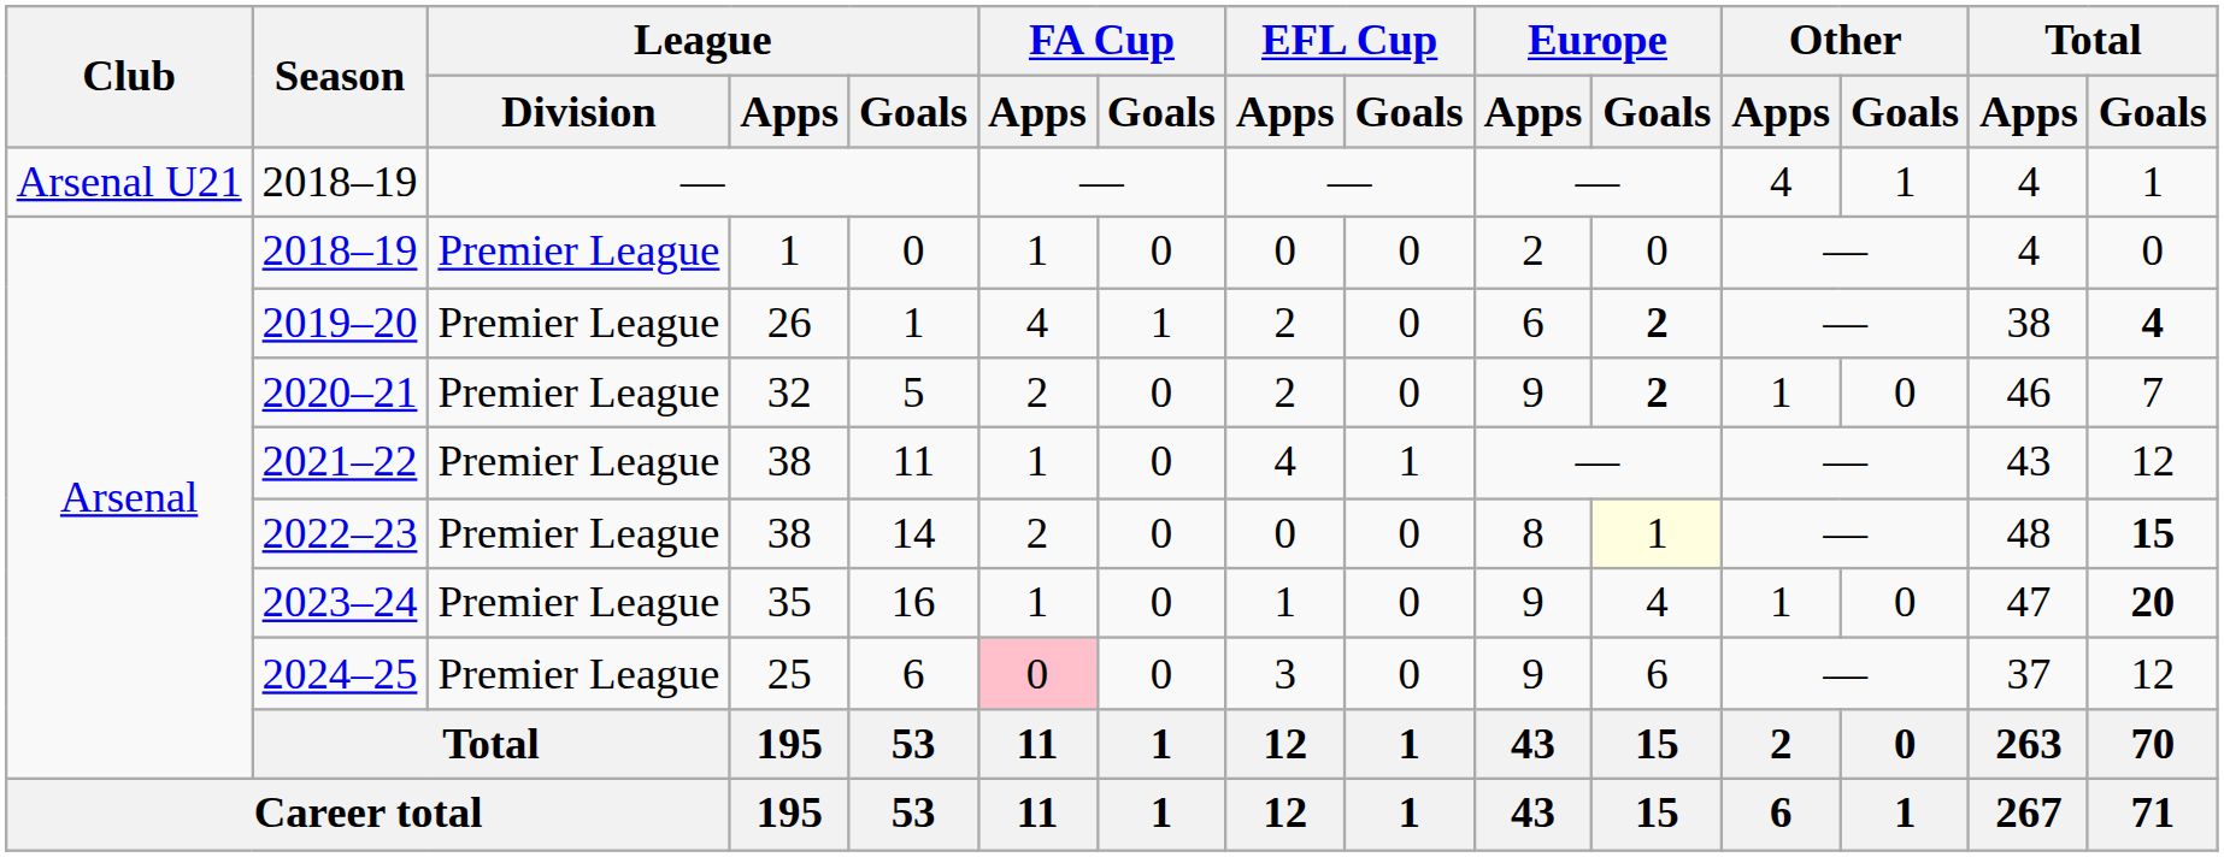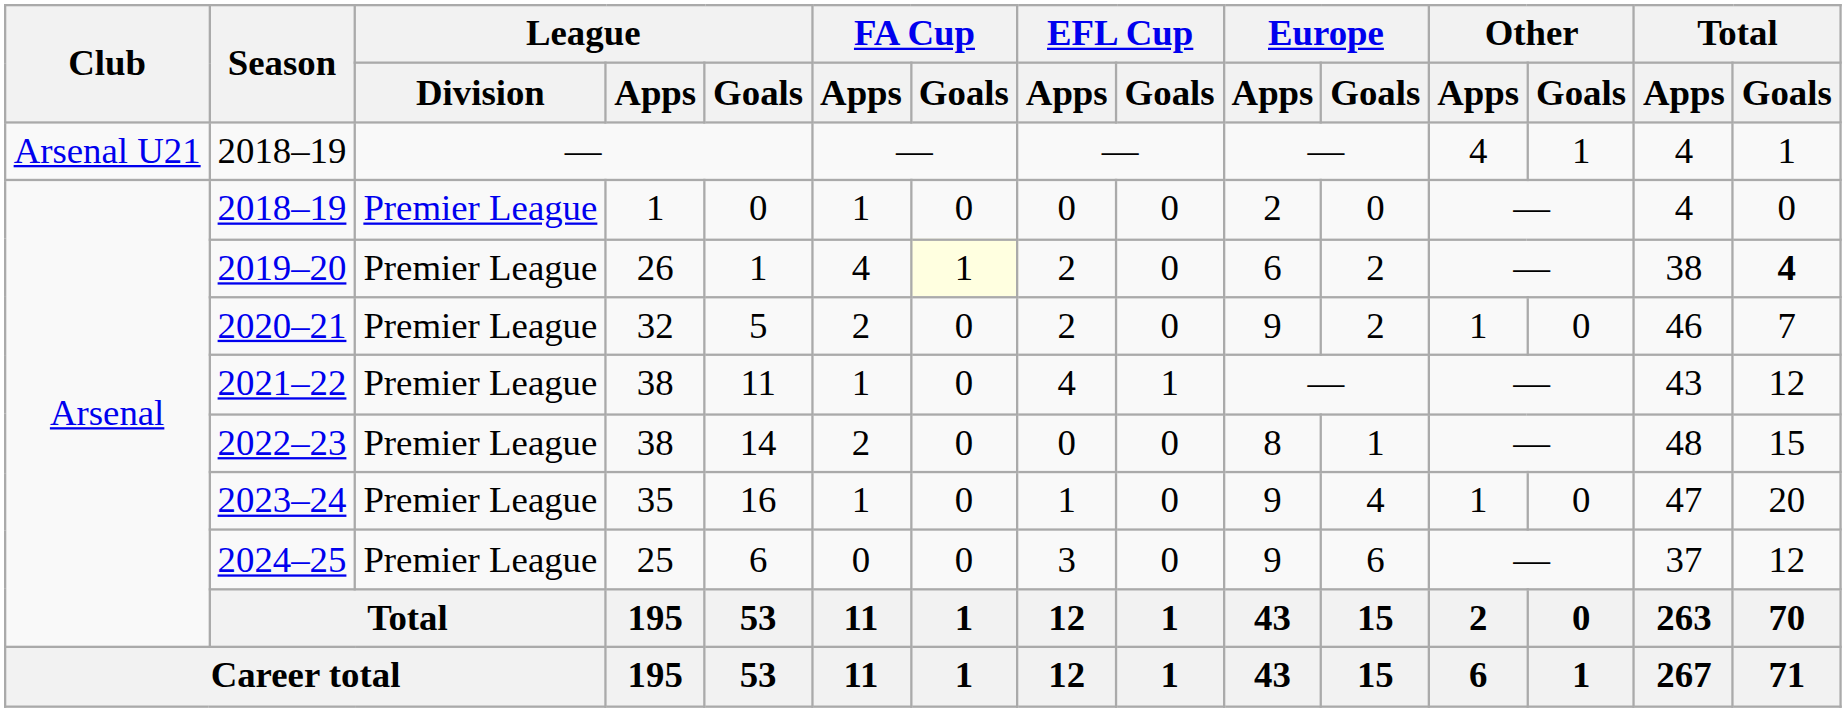 <table class="wikitable" style="text-align: center;">
 <tr>
 <th rowspan="2">Club</th>
 <th rowspan="2">Season</th>
 <th colspan="3">League</th>
 <th colspan="2"><a href='#'>FA Cup</a></th>
 <th colspan="2"><a href='#'>EFL Cup</a></th>
 <th colspan="2"><a href='#'>Europe</a></th>
 <th colspan="2">Other</th>
 <th colspan="2">Total</th>
 </tr>
 <tr>
 <th>Division</th>
 <th>Apps</th>
 <th>Goals</th>
 <th>Apps</th>
 <th>Goals</th>
 <th>Apps</th>
 <th>Goals</th>
 <th>Apps</th>
 <th>Goals</th>
 <th>Apps</th>
 <th>Goals</th>
 <th>Apps</th>
 <th>Goals</th>
 </tr>
 <tr>
 <td><a href='#'>Arsenal U21</a></td>
 <td>2018–19</td>
 <td colspan="3">—</td>
 <td colspan="2">—</td>
 <td colspan="2">—</td>
 <td colspan="2">—</td>
 <td>4</td>
 <td>1</td>
 <td>4</td>
 <td>1</td>
 </tr>
 <tr>
 <td rowspan="8"><a href='#'>Arsenal</a></td>
 <td><a href='#'>2018–19</a></td>
 <td><a href='#'>Premier League</a></td>
 <td>1</td>
 <td>0</td>
 <td>1</td>
 <td>0</td>
 <td>0</td>
 <td>0</td>
 <td>2</td>
 <td>0</td>
 <td colspan="2">—</td>
 <td>4</td>
 <td>0</td>
 </tr>
 <tr>
 <td><a href='#'>2019–20</a></td>
 <td>Premier League</td>
 <td>26</td>
 <td>1</td>
 <td>4</td>
-<td>1</td>
+<td style="background: lightyellow;">1</td>
 <td>2</td>
 <td>0</td>
 <td>6</td>
-<td><strong>2</strong></td>
+<td>2</td>
 <td colspan="2">—</td>
 <td>38</td>
 <td><strong>4</strong></td>
 </tr>
 <tr>
 <td><a href='#'>2020–21</a></td>
 <td>Premier League</td>
 <td>32</td>
 <td>5</td>
 <td>2</td>
 <td>0</td>
 <td>2</td>
 <td>0</td>
 <td>9</td>
-<td><strong>2</strong></td>
+<td>2</td>
 <td>1</td>
 <td>0</td>
 <td>46</td>
 <td>7</td>
 </tr>
 <tr>
 <td><a href='#'>2021–22</a></td>
 <td>Premier League</td>
 <td>38</td>
 <td>11</td>
 <td>1</td>
 <td>0</td>
 <td>4</td>
 <td>1</td>
 <td colspan="2">—</td>
 <td colspan="2">—</td>
 <td>43</td>
 <td>12</td>
 </tr>
 <tr>
 <td><a href='#'>2022–23</a></td>
 <td>Premier League</td>
 <td>38</td>
 <td>14</td>
 <td>2</td>
 <td>0</td>
 <td>0</td>
 <td>0</td>
 <td>8</td>
-<td style="background: lightyellow;">1</td>
+<td>1</td>
 <td colspan="2">—</td>
 <td>48</td>
-<td><strong>15</strong></td>
+<td>15</td>
 </tr>
 <tr>
 <td><a href='#'>2023–24</a></td>
 <td>Premier League</td>
 <td>35</td>
 <td>16</td>
 <td>1</td>
 <td>0</td>
 <td>1</td>
 <td>0</td>
 <td>9</td>
 <td>4</td>
 <td>1</td>
 <td>0</td>
 <td>47</td>
-<td><strong>20</strong></td>
+<td>20</td>
 </tr>
 <tr>
 <td><a href='#'>2024–25</a></td>
 <td>Premier League</td>
 <td>25</td>
 <td>6</td>
-<td style="background: pink;">0</td>
+<td>0</td>
 <td>0</td>
 <td>3</td>
 <td>0</td>
 <td>9</td>
 <td>6</td>
 <td colspan="2">—</td>
 <td>37</td>
 <td>12</td>
 </tr>
 <tr>
 <th colspan="2">Total</th>
 <th>195</th>
 <th>53</th>
 <th>11</th>
 <th>1</th>
 <th>12</th>
 <th>1</th>
 <th>43</th>
 <th>15</th>
 <th>2</th>
 <th>0</th>
 <th>263</th>
 <th>70</th>
 </tr>
 <tr>
 <th colspan="3">Career total</th>
 <th>195</th>
 <th>53</th>
 <th>11</th>
 <th>1</th>
 <th>12</th>
 <th>1</th>
 <th>43</th>
 <th>15</th>
 <th>6</th>
 <th>1</th>
 <th>267</th>
 <th>71</th>
 </tr>
 </table>
